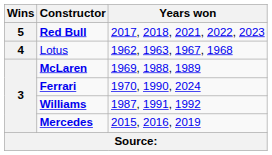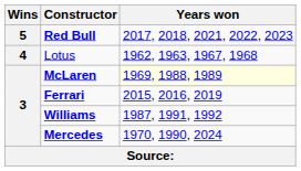 <table class="wikitable">
 <tr>
 <th>Wins</th>
 <th>Constructor</th>
 <th>Years won</th>
 </tr>
 <tr>
 <th>5</th>
 <td> <strong><a href='#'>Red Bull</a></strong></td>
 <td><a href='#'>2017</a>, <a href='#'>2018</a>, <a href='#'>2021</a>, <a href='#'>2022</a>, <a href='#'>2023</a></td>
 </tr>
 <tr>
 <th>4</th>
 <td> <a href='#'>Lotus</a></td>
 <td><span><a href='#'>1962</a></span>, <a href='#'>1963</a>, <a href='#'>1967</a>, <a href='#'>1968</a></td>
 </tr>
 <tr>
 <th rowspan="4">3</th>
 <td> <strong><a href='#'>McLaren</a></strong></td>
-<td><a href='#'>1969</a>, <a href='#'>1988</a>, <a href='#'>1989</a></td>
+<td style="background: lightyellow;"><a href='#'>1969</a>, <a href='#'>1988</a>, <a href='#'>1989</a></td>
 </tr>
 <tr>
 <td> <strong><a href='#'>Ferrari</a></strong></td>
-<td><a href='#'>1970</a>, <a href='#'>1990</a>, <a href='#'>2024</a></td>
+<td><a href='#'>2015</a>, <a href='#'>2016</a>, <a href='#'>2019</a></td>
 </tr>
 <tr>
 <td> <strong><a href='#'>Williams</a></strong></td>
 <td><a href='#'>1987</a>, <a href='#'>1991</a>, <a href='#'>1992</a></td>
 </tr>
 <tr>
 <td> <strong><a href='#'>Mercedes</a></strong></td>
-<td><a href='#'>2015</a>, <a href='#'>2016</a>, <a href='#'>2019</a></td>
+<td><a href='#'>1970</a>, <a href='#'>1990</a>, <a href='#'>2024</a></td>
 </tr>
 <tr>
 <th colspan=3>Source:</th>
 </tr>
 </table>
